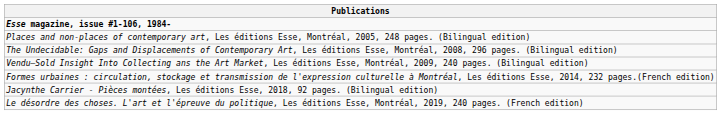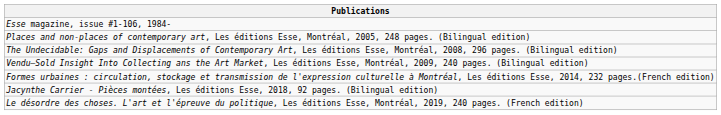 <table class="wikitable">
 <tr>
 <th>Publications</th>
 </tr>
 <tr>
-<td><strong><em>Esse</em> magazine, issue #1-106, 1984-</strong></td>
+<td><em>Esse</em> magazine, issue #1-106, 1984-</td>
 </tr>
 <tr>
 <td><em>Places and non-places of contemporary art</em>, Les éditions Esse, Montréal, 2005, 248 pages. (Bilingual edition)</td>
 </tr>
 <tr>
 <td><em>The Undecidable: Gaps and Displacements of Contemporary Art</em>, Les éditions Esse, Montréal, 2008, 296 pages. (Bilingual edition)</td>
 </tr>
 <tr>
 <td><em>Vendu–Sold Insight Into Collecting ans the Art Market</em>, Les éditions Esse, Montréal, 2009, 240 pages. (Bilingual edition)</td>
 </tr>
 <tr>
 <td><em>Formes urbaines : circulation, stockage et transmission de l'expression culturelle à Montréal</em>, Les éditions Esse, 2014, 232 pages.(French edition)</td>
 </tr>
 <tr>
 <td><em>Jacynthe Carrier - Pièces montées</em>, Les éditions Esse, 2018, 92 pages. (Bilingual edition)</td>
 </tr>
 <tr>
 <td><em>Le désordre des choses. L'art et l'épreuve du politique</em>, Les éditions Esse, Montréal, 2019, 240 pages. (French edition)</td>
 </tr>
 </table>
